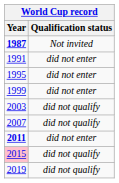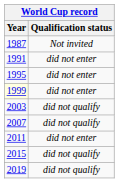 <table class=wikitable style="text-align: center; font-size: 87%;">
 <tr>
 <th colspan="6"><a href='#'>World Cup record</a></th>
 </tr>
 <tr>
 <th>Year</th>
 <th>Qualification status</th>
 </tr>
 <tr>
-<td><strong> <a href='#'>1987</a></strong></td>
+<td> <a href='#'>1987</a></td>
 <td colspan="5"><em>Not invited</em></td>
 </tr>
 <tr>
 <td> <a href='#'>1991</a></td>
 <td colspan="5"><em>did not enter</em></td>
 </tr>
 <tr>
 <td> <a href='#'>1995</a></td>
 <td colspan="5"><em>did not enter</em></td>
 </tr>
 <tr>
-<td> <a href='#'>1999</a></td>
+<td style="background: lightyellow;"> <a href='#'>1999</a></td>
 <td colspan="5"><em>did not enter</em></td>
 </tr>
 <tr>
 <td> <a href='#'>2003</a></td>
 <td colspan="5"><em>did not qualify</em></td>
 </tr>
 <tr>
 <td> <a href='#'>2007</a></td>
 <td colspan="5"><em>did not qualify</em></td>
 </tr>
 <tr>
-<td><strong> <a href='#'>2011</a></strong></td>
+<td> <a href='#'>2011</a></td>
 <td colspan="5"><em>did not enter</em></td>
 </tr>
 <tr>
-<td style="background: pink;"> <a href='#'>2015</a></td>
+<td> <a href='#'>2015</a></td>
 <td colspan="5"><em>did not qualify</em></td>
 </tr>
 <tr>
 <td> <a href='#'>2019</a></td>
 <td colspan="5"><em>did not qualify</em></td>
 </tr>
 </table>
